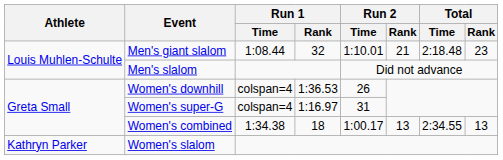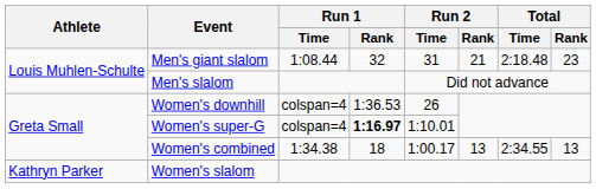 <table class=wikitable style=font-size:90%;text-align:center>
 <tr>
 <th rowspan=2>Athlete</th>
 <th rowspan=2>Event</th>
 <th colspan=2>Run 1</th>
 <th colspan=2>Run 2</th>
 <th colspan=2>Total</th>
 </tr>
 <tr style=font-size:95%>
 <th>Time</th>
 <th>Rank</th>
 <th>Time</th>
 <th>Rank</th>
 <th>Time</th>
 <th>Rank</th>
 </tr>
 <tr>
 <td align=left rowspan=2><a href='#'>Louis Muhlen-Schulte</a></td>
 <td align=left><a href='#'>Men's giant slalom</a></td>
 <td>1:08.44</td>
 <td>32</td>
-<td>1:10.01</td>
+<td>31</td>
 <td>21</td>
 <td>2:18.48</td>
 <td>23</td>
 </tr>
 <tr>
 <td align=left><a href='#'>Men's slalom</a></td>
 <td colspan=2></td>
 <td colspan=4>Did not advance</td>
 </tr>
 <tr>
 <td align=left rowspan=3><a href='#'>Greta Small</a></td>
 <td align=left><a href='#'>Women's downhill</a></td>
 <td>colspan=4 </td>
 <td>1:36.53</td>
 <td>26</td>
 </tr>
 <tr>
 <td align=left><a href='#'>Women's super-G</a></td>
 <td>colspan=4 </td>
-<td>1:16.97</td>
-<td>31</td>
+<td><strong>1:16.97</strong></td>
+<td>1:10.01</td>
 </tr>
 <tr>
 <td align=left><a href='#'>Women's combined</a></td>
 <td>1:34.38</td>
 <td>18</td>
 <td>1:00.17</td>
 <td>13</td>
 <td>2:34.55</td>
 <td>13</td>
 </tr>
 <tr>
 <td align=left><a href='#'>Kathryn Parker</a></td>
 <td align=left><a href='#'>Women's slalom</a></td>
 <td colspan=6></td>
 </tr>
 </table>
